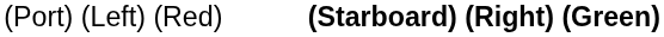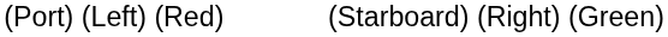 <table width="385">
 <tr>
 <td colspan="2"></td>
 </tr>
 <tr>
 <td style="text-align: left">(Port) (Left) (Red)</td>
-<td style="text-align: right"><strong>(Starboard) (Right) (Green)</strong></td>
+<td style="text-align: right">(Starboard) (Right) (Green)</td>
 </tr>
 </table>
